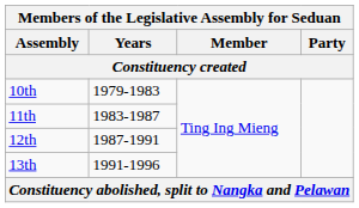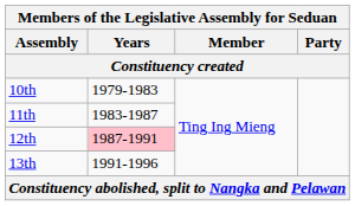 <table class=wikitable>
 <tr>
 <th colspan="4">Members of the Legislative Assembly for Seduan</th>
 </tr>
 <tr>
 <th>Assembly</th>
 <th>Years</th>
 <th>Member</th>
 <th>Party</th>
 </tr>
 <tr>
 <th colspan=4 align=center><em>Constituency created</em></th>
 </tr>
 <tr>
 <td><a href='#'>10th</a></td>
 <td>1979-1983</td>
 <td rowspan=4><a href='#'>Ting Ing Mieng</a></td>
 <td rowspan=4 bgcolor=></td>
 </tr>
 <tr>
 <td><a href='#'>11th</a></td>
 <td>1983-1987</td>
 </tr>
 <tr>
 <td><a href='#'>12th</a></td>
-<td>1987-1991</td>
+<td style="background: pink;">1987-1991</td>
 </tr>
 <tr>
 <td><a href='#'>13th</a></td>
 <td>1991-1996</td>
 </tr>
 <tr>
 <th colspan=4 align=center><em>Constituency abolished, split to <a href='#'>Nangka</a> and <a href='#'>Pelawan</a></em></th>
 </tr>
 </table>
